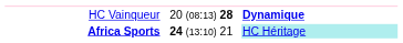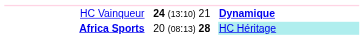 <table style="text-align:center" width=550>
 <tr>
 <th width=30%></th>
 <th width=15%></th>
 <th width=30%></th>
 </tr>
 <tr align="left" bgcolor=#ffd4e4>
 <td colspan=4></td>
 </tr>
 <tr>
 <td align="right"><a href='#'>HC Vainqueur</a> </td>
-<td>20 <small>(08</small>:<small>13)</small> <strong>28</strong></td>
+<td><strong>24</strong> <small>(13</small>:<small>10)</small> 21</td>
 <td align=left> <strong><a href='#'>Dynamique</a></strong></td>
 </tr>
 <tr>
 <td align="right"><strong><a href='#'>Africa Sports</a></strong> </td>
-<td><strong>24</strong> <small>(13</small>:<small>10)</small> 21</td>
+<td>20 <small>(08</small>:<small>13)</small> <strong>28</strong></td>
 <td align=left style="background: paleturquoise;"> <a href='#'>HC Héritage</a></td>
 </tr>
 </table>
